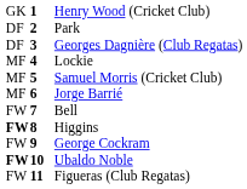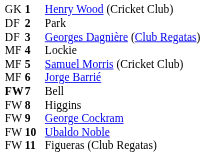 <table style="font-size:90%; margin:0.2em auto;" cellspacing="0" cellpadding="0">
 <tr>
 <th width="25"></th>
 <th width="25"></th>
 </tr>
 <tr>
 <td>GK</td>
 <td><strong>1</strong></td>
 <td> <a href='#'>Henry Wood</a> (Cricket Club)</td>
 </tr>
 <tr>
 <td>DF</td>
 <td><strong>2</strong></td>
 <td> Park</td>
 </tr>
 <tr>
 <td>DF</td>
 <td><strong>3</strong></td>
 <td> <a href='#'>Georges Dagnière</a> (<a href='#'>Club Regatas</a>)</td>
 </tr>
 <tr>
 <td>MF</td>
 <td><strong>4</strong></td>
 <td> Lockie</td>
 </tr>
 <tr>
 <td>MF</td>
 <td><strong>5</strong></td>
 <td> <a href='#'>Samuel Morris</a> (Cricket Club)</td>
 </tr>
 <tr>
 <td>MF</td>
 <td><strong>6</strong></td>
 <td> <a href='#'>Jorge Barrié</a></td>
 </tr>
 <tr>
-<td>FW</td>
+<td><strong>FW</strong></td>
 <td><strong>7</strong></td>
 <td> Bell</td>
 </tr>
 <tr>
-<td><strong>FW</strong></td>
+<td>FW</td>
 <td><strong>8</strong></td>
 <td> Higgins</td>
 </tr>
 <tr>
 <td>FW</td>
 <td><strong>9</strong></td>
 <td> <a href='#'>George Cockram</a></td>
 </tr>
 <tr>
-<td><strong>FW</strong></td>
+<td>FW</td>
 <td><strong>10</strong></td>
 <td> <a href='#'>Ubaldo Noble</a></td>
 </tr>
 <tr>
 <td>FW</td>
 <td><strong>11</strong></td>
 <td> Figueras (Club Regatas)</td>
 </tr>
 <tr>
 </tr>
 </table>
